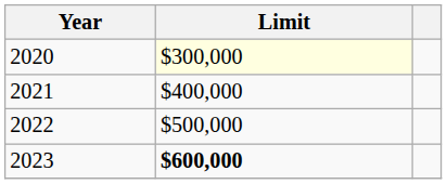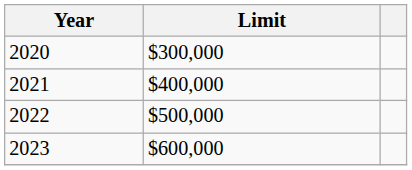 <table class="wikitable" style="min-width: 20em;">
 <tr>
 <th scope="col">Year</th>
 <th scope="col">Limit</th>
 <th scope="col"></th>
 </tr>
 <tr>
 <td>2020</td>
-<td style="background: lightyellow;">$300,000</td>
+<td>$300,000</td>
 <td></td>
 </tr>
 <tr>
 <td>2021</td>
 <td>$400,000</td>
 <td></td>
 </tr>
 <tr>
 <td>2022</td>
 <td>$500,000</td>
 <td></td>
 </tr>
 <tr>
 <td>2023</td>
-<td><strong>$600,000</strong></td>
+<td>$600,000</td>
 <td></td>
 </tr>
 <tr>
 </tr>
 </table>
